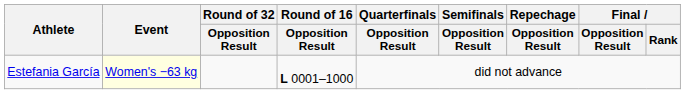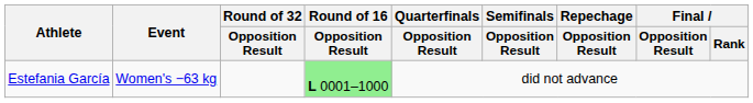 <table class="wikitable" style="font-size:90%">
 <tr>
 <th rowspan="2">Athlete</th>
 <th rowspan="2">Event</th>
 <th>Round of 32</th>
 <th>Round of 16</th>
 <th>Quarterfinals</th>
 <th>Semifinals</th>
 <th>Repechage</th>
 <th colspan=2>Final / </th>
 </tr>
 <tr style="font-size:95%">
 <th>Opposition<br>Result</th>
 <th>Opposition<br>Result</th>
 <th>Opposition<br>Result</th>
 <th>Opposition<br>Result</th>
 <th>Opposition<br>Result</th>
 <th>Opposition<br>Result</th>
 <th>Rank</th>
 </tr>
 <tr align=center>
 <td align=left><a href='#'>Estefania García</a></td>
-<td align=left style="background: lightyellow;"><a href='#'>Women's −63 kg</a></td>
+<td align=left><a href='#'>Women's −63 kg</a></td>
 <td></td>
-<td><br><strong>L</strong> 0001–1000</td>
+<td style="background: lightgreen;"><br><strong>L</strong> 0001–1000</td>
 <td colspan=5>did not advance</td>
 </tr>
 </table>
